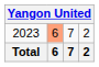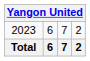 <table class="wikitable" style="text-align:center">
 <tr>
 <th colspan="4"><a href='#'>Yangon United</a></th>
 </tr>
 <tr>
 <td>2023</td>
-<td style="background: lightsalmon;">6</td>
+<td>6</td>
 <td>7</td>
 <td>2</td>
 </tr>
 <tr>
 <th>Total</th>
 <th>6</th>
 <th>7</th>
 <th>2</th>
 </tr>
 </table>
